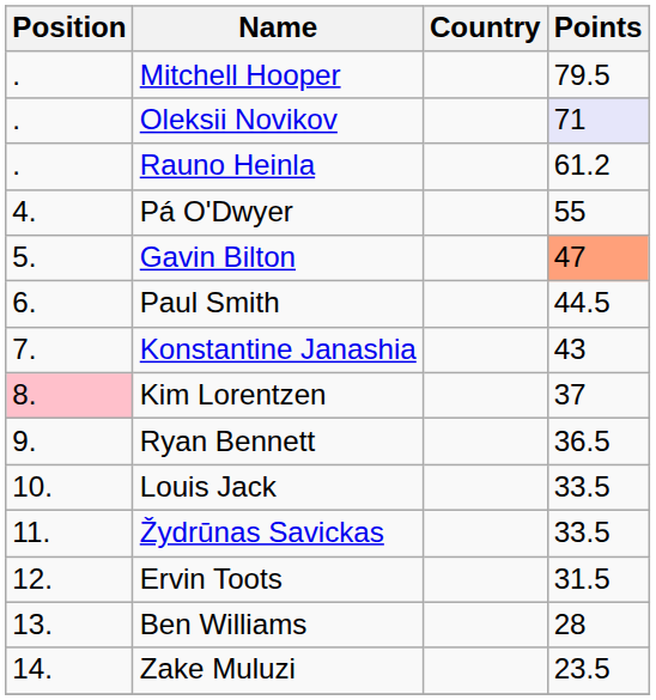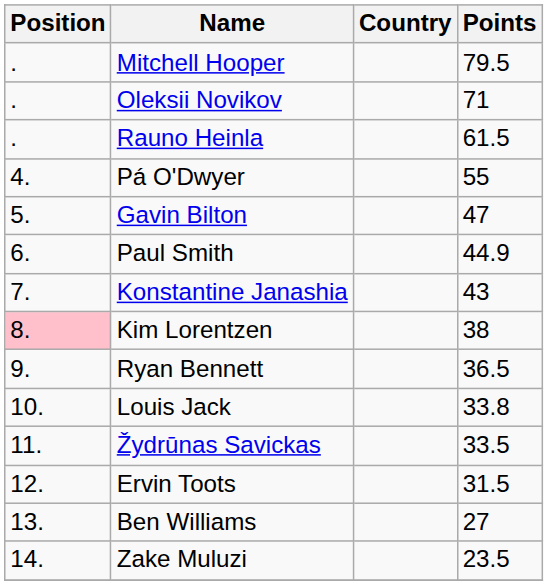 <table class="wikitable" style="display: inline-table">
 <tr>
 <th>Position</th>
 <th>Name</th>
 <th>Country</th>
 <th>Points</th>
 </tr>
 <tr>
 <td>.</td>
 <td><a href='#'>Mitchell Hooper</a></td>
 <td></td>
 <td>79.5</td>
 </tr>
 <tr>
 <td> .</td>
 <td><a href='#'>Oleksii Novikov</a></td>
 <td></td>
-<td style="background: lavender;">71</td>
+<td>71</td>
 </tr>
 <tr>
 <td>.</td>
 <td><a href='#'>Rauno Heinla</a></td>
 <td></td>
-<td>61.2</td>
+<td>61.5</td>
 </tr>
 <tr>
 <td>4.</td>
 <td>Pá O'Dwyer</td>
 <td></td>
 <td>55</td>
 </tr>
 <tr>
 <td>5.</td>
 <td><a href='#'>Gavin Bilton</a></td>
 <td></td>
-<td style="background: lightsalmon;">47</td>
+<td>47</td>
 </tr>
 <tr>
 <td>6.</td>
 <td>Paul Smith</td>
 <td></td>
-<td>44.5</td>
+<td>44.9</td>
 </tr>
 <tr>
 <td>7.</td>
 <td><a href='#'>Konstantine Janashia</a></td>
 <td></td>
 <td>43</td>
 </tr>
 <tr>
 <td style="background: pink;">8.</td>
 <td>Kim Lorentzen</td>
 <td></td>
-<td>37</td>
+<td>38</td>
 </tr>
 <tr>
 <td>9.</td>
 <td>Ryan Bennett</td>
 <td></td>
 <td>36.5</td>
 </tr>
 <tr>
 <td>10.</td>
 <td>Louis Jack</td>
 <td></td>
-<td>33.5</td>
+<td>33.8</td>
 </tr>
 <tr>
 <td>11.</td>
 <td><a href='#'>Žydrūnas Savickas</a></td>
 <td></td>
 <td>33.5</td>
 </tr>
 <tr>
 <td>12.</td>
 <td>Ervin Toots</td>
 <td></td>
 <td>31.5</td>
 </tr>
 <tr>
 <td>13.</td>
 <td>Ben Williams</td>
 <td></td>
-<td>28</td>
+<td>27</td>
 </tr>
 <tr>
 <td>14.</td>
 <td>Zake Muluzi</td>
 <td></td>
 <td>23.5</td>
 </tr>
 <tr>
 </tr>
 </table>
